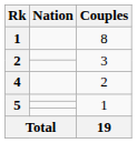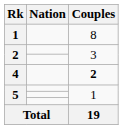 <table class="wikitable sortable" style="text-align: center;">
 <tr>
 <th>Rk</th>
 <th>Nation</th>
 <th>Couples</th>
 </tr>
 <tr>
 <th>1</th>
 <td></td>
 <td>8</td>
 </tr>
 <tr>
 <th rowspan="2">2</th>
 <td></td>
 <td rowspan="2">3</td>
 </tr>
 <tr>
 <td></td>
 </tr>
 <tr>
 <th>4</th>
 <td></td>
-<td>2</td>
+<td><strong>2</strong></td>
 </tr>
 <tr>
 <th rowspan="3">5</th>
 <td></td>
 <td rowspan="3">1</td>
 </tr>
 <tr>
 <td></td>
 </tr>
 <tr>
 <td></td>
 </tr>
 <tr class="sortbottom">
 <th colspan="2">Total</th>
 <th>19</th>
 </tr>
 </table>
